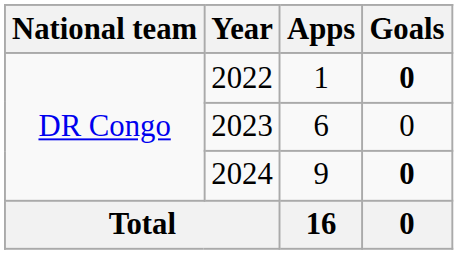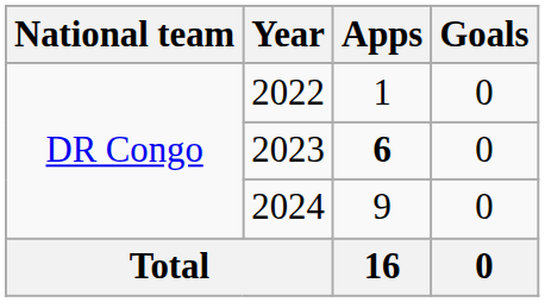 <table class="wikitable" style="text-align:center">
 <tr>
 <th>National team</th>
 <th>Year</th>
 <th>Apps</th>
 <th>Goals</th>
 </tr>
 <tr>
 <td rowspan="3"><a href='#'>DR Congo</a></td>
 <td>2022</td>
 <td>1</td>
-<td><strong>0</strong></td>
+<td>0</td>
 </tr>
 <tr>
 <td>2023</td>
-<td>6</td>
+<td><strong>6</strong></td>
 <td>0</td>
 </tr>
 <tr>
 <td>2024</td>
 <td>9</td>
-<td><strong>0</strong></td>
+<td>0</td>
 </tr>
 <tr>
 <th colspan="2">Total</th>
 <th>16</th>
 <th>0</th>
 </tr>
 </table>
